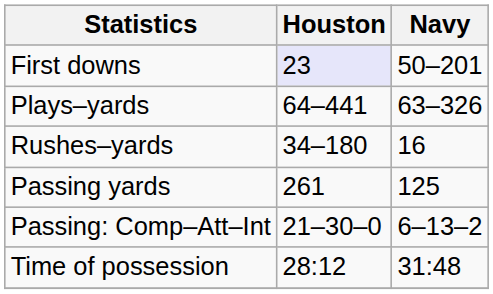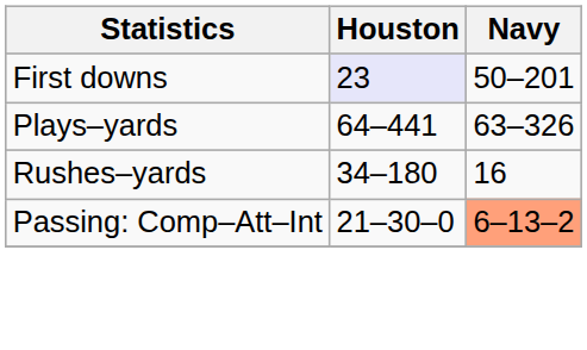 <table class="wikitable" style="float: left;">
 <tr>
 <th>Statistics</th>
 <th>Houston</th>
 <th>Navy</th>
 </tr>
 <tr>
 <td>First downs</td>
 <td style="background: lavender;">23</td>
 <td>50–201</td>
 </tr>
 <tr>
 <td>Plays–yards</td>
 <td>64–441</td>
 <td>63–326</td>
 </tr>
 <tr>
 <td>Rushes–yards</td>
 <td>34–180</td>
 <td>16</td>
 </tr>
 <tr>
-<td>Passing yards</td>
-<td>261</td>
-<td>125</td>
-</tr>
-<tr>
 <td>Passing: Comp–Att–Int</td>
 <td>21–30–0</td>
-<td>6–13–2</td>
-</tr>
-<tr>
-<td>Time of possession</td>
-<td>28:12</td>
-<td>31:48</td>
+<td style="background: lightsalmon;">6–13–2</td>
 </tr>
 <tr>
 </tr>
 </table>
